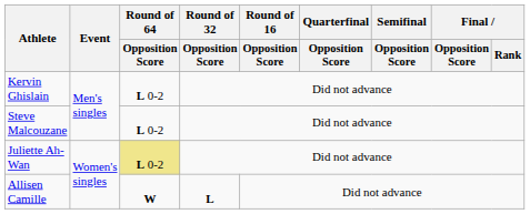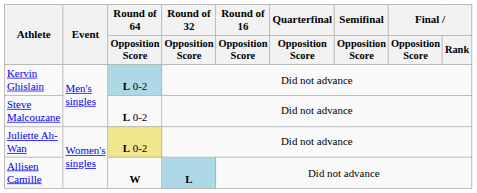 <table class=wikitable style="font-size:90%">
 <tr>
 <th rowspan=2>Athlete</th>
 <th rowspan=2>Event</th>
 <th>Round of 64</th>
 <th>Round of 32</th>
 <th>Round of 16</th>
 <th>Quarterfinal</th>
 <th>Semifinal</th>
 <th colspan=2>Final / </th>
 </tr>
 <tr style="font-size:95%">
 <th>Opposition<br>Score</th>
 <th>Opposition<br>Score</th>
 <th>Opposition<br>Score</th>
 <th>Opposition<br>Score</th>
 <th>Opposition<br>Score</th>
 <th>Opposition<br>Score</th>
 <th>Rank</th>
 </tr>
 <tr align=center>
 <td align=left><a href='#'>Kervin Ghislain</a></td>
 <td align=left rowspan=2><a href='#'>Men's singles</a></td>
-<td><br>  <strong>L</strong> 0-2</td>
+<td style="background: lightblue;"><br>  <strong>L</strong> 0-2</td>
 <td colspan=6>Did not advance</td>
 </tr>
 <tr align=center>
 <td align=left><a href='#'>Steve Malcouzane</a></td>
 <td><br> <strong>L</strong> 0-2</td>
 <td colspan=6>Did not advance</td>
 </tr>
 <tr align=center>
 <td align=left><a href='#'>Juliette Ah-Wan</a></td>
 <td align=left rowspan=2><a href='#'>Women's singles</a></td>
 <td style="background: khaki;"><br> <strong>L</strong> 0-2</td>
 <td colspan=6>Did not advance</td>
 </tr>
 <tr align=center>
 <td align=left><a href='#'>Allisen Camille</a></td>
 <td><br> <strong>W</strong> </td>
-<td><br> <strong>L</strong> </td>
+<td style="background: lightblue;"><br> <strong>L</strong> </td>
 <td colspan=5>Did not advance</td>
 </tr>
 </table>
